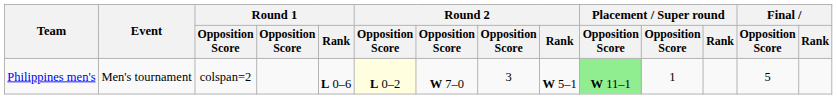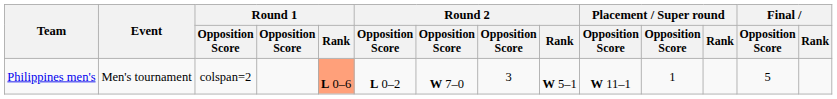 <table class="wikitable" style="font-size:90%;text-align:center">
 <tr>
 <th rowspan=2>Team</th>
 <th rowspan=2>Event</th>
 <th colspan=3>Round 1</th>
 <th colspan=4>Round 2</th>
 <th colspan=3>Placement / Super round</th>
 <th colspan=2>Final / </th>
 </tr>
 <tr style="font-size:95%">
 <th>Opposition<br>Score</th>
 <th>Opposition<br>Score</th>
 <th>Rank</th>
 <th>Opposition<br>Score</th>
 <th>Opposition<br>Score</th>
 <th>Opposition<br>Score</th>
 <th>Rank</th>
 <th>Opposition<br>Score</th>
 <th>Opposition<br>Score</th>
 <th>Rank</th>
 <th>Opposition<br>Score</th>
 <th>Rank</th>
 </tr>
 <tr>
 <td align=left><a href='#'>Philippines men's</a></td>
 <td align=left>Men's tournament</td>
 <td>colspan=2</td>
 <td></td>
-<td><br><strong>L</strong> 0–6</td>
-<td style="background: lightyellow;"><br><strong>L</strong> 0–2</td>
+<td style="background: lightsalmon;"><br><strong>L</strong> 0–6</td>
+<td><br><strong>L</strong> 0–2</td>
 <td><br><strong>W</strong> 7–0</td>
 <td>3<br><strong></strong></td>
 <td><br><strong>W</strong> 5–1</td>
-<td style="background: lightgreen;"><br><strong>W</strong> 11–1</td>
+<td><br><strong>W</strong> 11–1</td>
 <td>1</td>
 <td></td>
 <td>5</td>
 </tr>
 </table>
